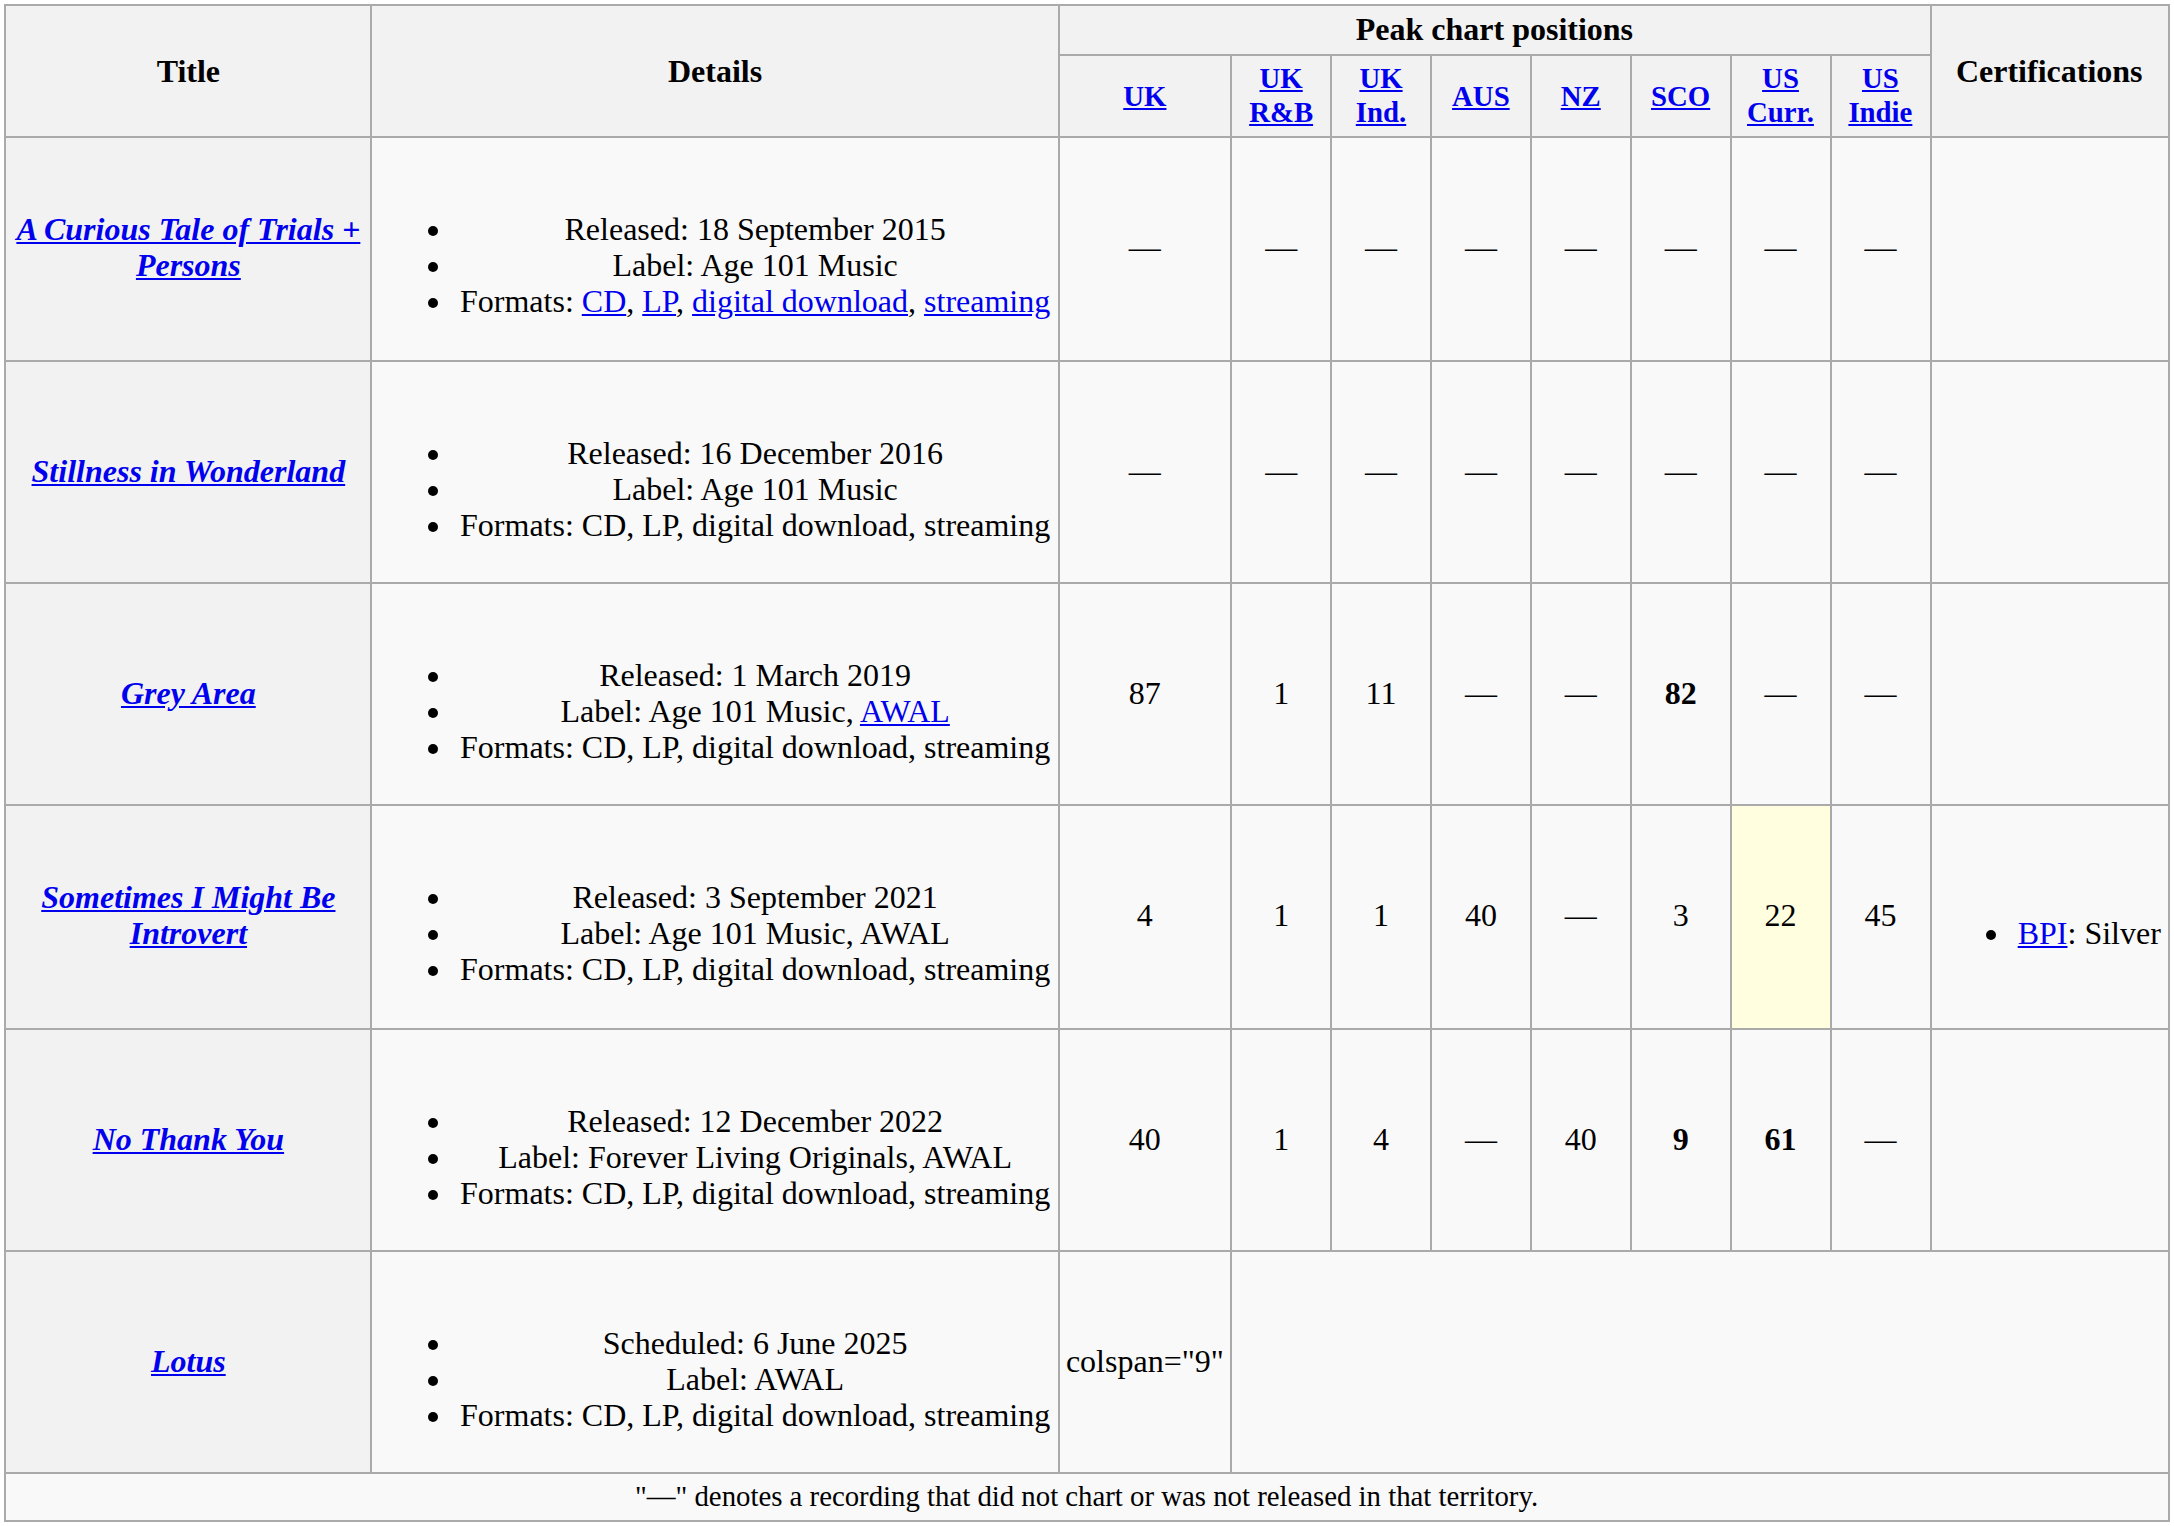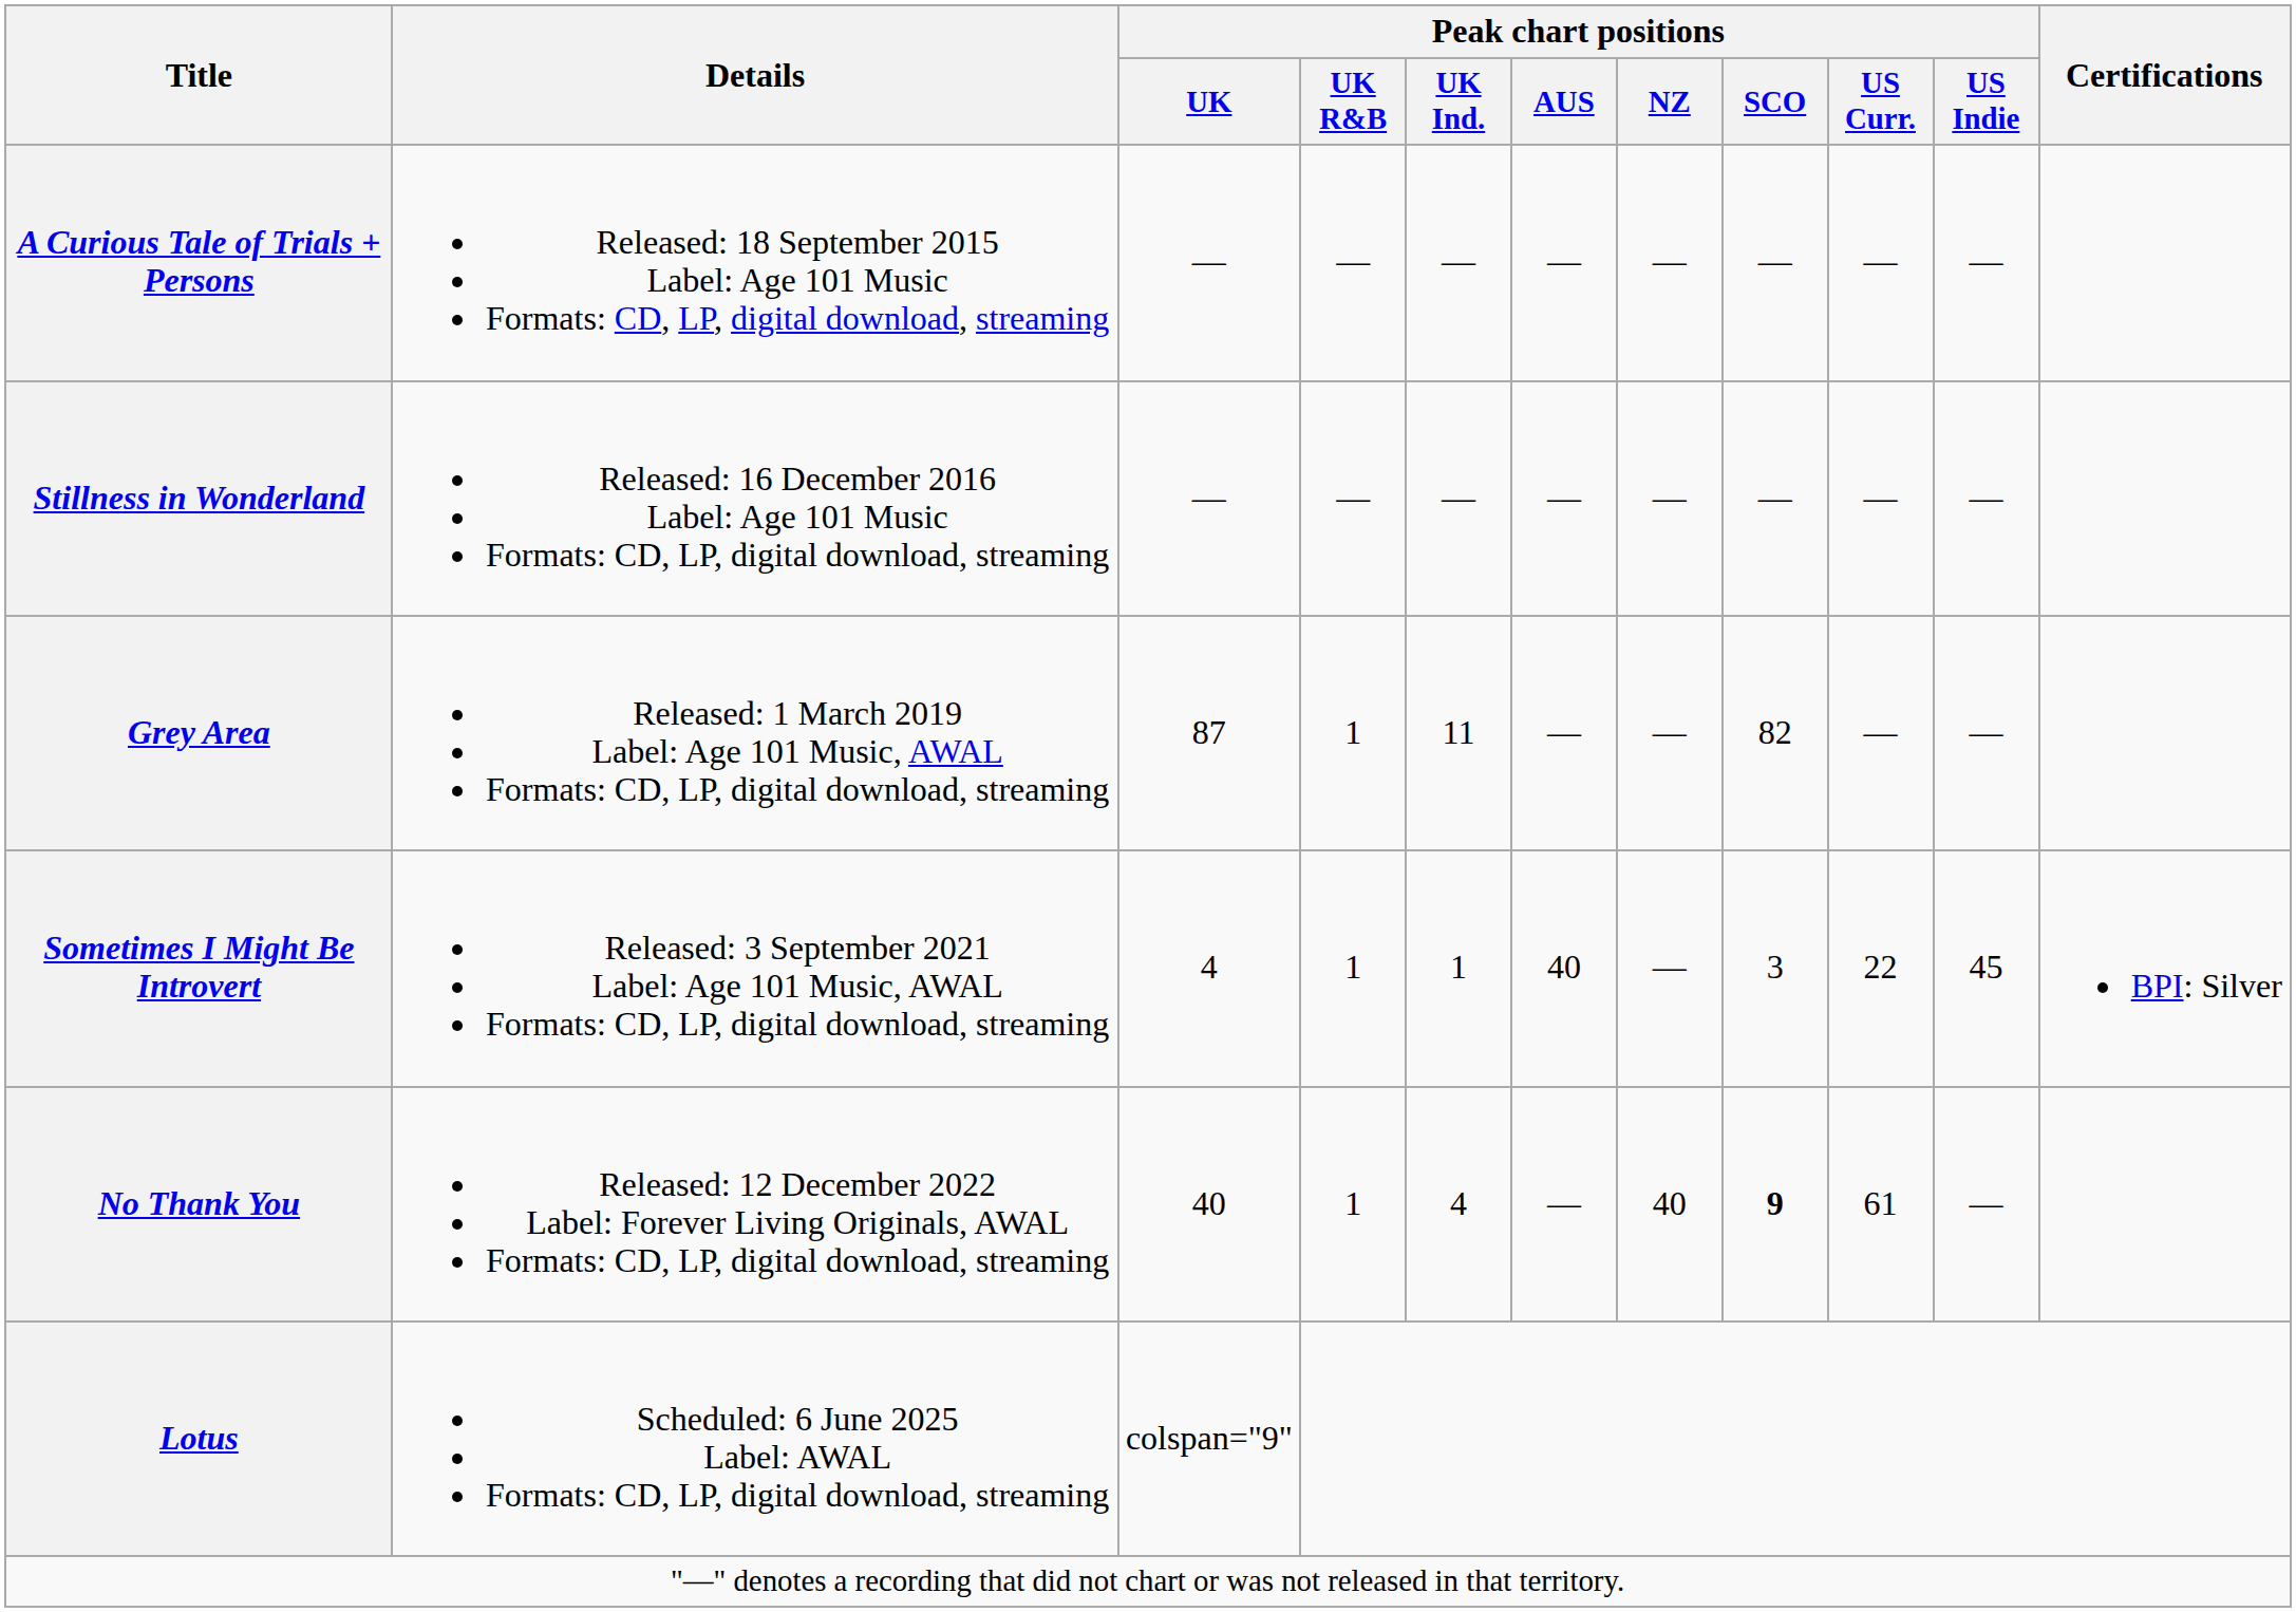 <table class="wikitable plainrowheaders" style="text-align:center;">
 <tr>
 <th scope="col" rowspan="2" style="width:11em;">Title</th>
 <th scope="col" rowspan="2" style="width:21em;">Details</th>
 <th scope="col" colspan="8">Peak chart positions</th>
 <th scope="col" rowspan="2">Certifications</th>
 </tr>
 <tr>
 <th scope="col" style="width:3em;font-size:90%;"><a href='#'>UK</a><br></th>
 <th scope="col" style="width:3em;font-size:90%;"><a href='#'>UK<br>R&B</a><br></th>
 <th scope="col" style="width:3em;font-size:90%;"><a href='#'>UK<br>Ind.</a><br></th>
 <th scope="col" style="width:3em;font-size:90%;"><a href='#'>AUS</a><br></th>
 <th scope="col" style="width:3em;font-size:90%;"><a href='#'>NZ</a><br></th>
 <th scope="col" style="width:3em;font-size:90%;"><a href='#'>SCO</a><br></th>
 <th scope="col" style="width:3em;font-size:90%;"><a href='#'>US<br>Curr.</a><br></th>
 <th scope="col" style="width:3em;font-size:90%;"><a href='#'>US<br>Indie</a><br></th>
 </tr>
 <tr>
 <th scope="row"><em><a href='#'>A Curious Tale of Trials + Persons</a></em></th>
 <td><br><ul><li>Released: 18 September 2015</li><li>Label: Age 101 Music</li><li>Formats: <a href='#'>CD</a>, <a href='#'>LP</a>, <a href='#'>digital download</a>, <a href='#'>streaming</a></li></ul></td>
 <td>—</td>
 <td>—</td>
 <td>—</td>
 <td>—</td>
 <td>—</td>
 <td>—</td>
 <td>—</td>
 <td>—</td>
 <td></td>
 </tr>
 <tr>
 <th scope="row"><em><a href='#'>Stillness in Wonderland</a></em></th>
 <td><br><ul><li>Released: 16 December 2016</li><li>Label: Age 101 Music</li><li>Formats: CD, LP, digital download, streaming</li></ul></td>
 <td>—</td>
 <td>—</td>
 <td>—</td>
 <td>—</td>
 <td>—</td>
 <td>—</td>
 <td>—</td>
 <td>—</td>
 <td></td>
 </tr>
 <tr>
 <th scope="row"><em><a href='#'>Grey Area</a></em></th>
 <td><br><ul><li>Released: 1 March 2019</li><li>Label: Age 101 Music, <a href='#'>AWAL</a></li><li>Formats: CD, LP, digital download, streaming</li></ul></td>
 <td>87</td>
 <td>1</td>
 <td>11</td>
 <td>—</td>
 <td>—</td>
-<td><strong>82</strong></td>
+<td>82</td>
 <td>—</td>
 <td>—</td>
 <td></td>
 </tr>
 <tr>
 <th scope="row"><em><a href='#'>Sometimes I Might Be Introvert</a></em></th>
 <td><br><ul><li>Released: 3 September 2021</li><li>Label: Age 101 Music, AWAL</li><li>Formats: CD, LP, digital download, streaming</li></ul></td>
 <td>4</td>
 <td>1</td>
 <td>1</td>
 <td>40</td>
 <td>—</td>
 <td>3</td>
-<td style="background: lightyellow;">22</td>
+<td>22</td>
 <td>45</td>
 <td><br><ul><li><a href='#'>BPI</a>: Silver</li></ul></td>
 </tr>
 <tr>
 <th scope="row"><em><a href='#'>No Thank You</a></em></th>
 <td><br><ul><li>Released: 12 December 2022</li><li>Label: Forever Living Originals, AWAL</li><li>Formats: CD, LP, digital download, streaming</li></ul></td>
 <td>40</td>
 <td>1</td>
 <td>4</td>
 <td>—</td>
 <td>40</td>
 <td><strong>9</strong></td>
-<td><strong>61</strong></td>
+<td>61</td>
 <td>—</td>
 <td></td>
 </tr>
 <tr>
 <th scope="row"><em><a href='#'>Lotus</a></em></th>
 <td><br><ul><li>Scheduled: 6 June 2025</li><li>Label: AWAL</li><li>Formats: CD, LP, digital download, streaming</li></ul></td>
 <td>colspan="9" </td>
 </tr>
 <tr>
 <td colspan="14" style="font-size:90%">"—" denotes a recording that did not chart or was not released in that territory.</td>
 </tr>
 </table>
